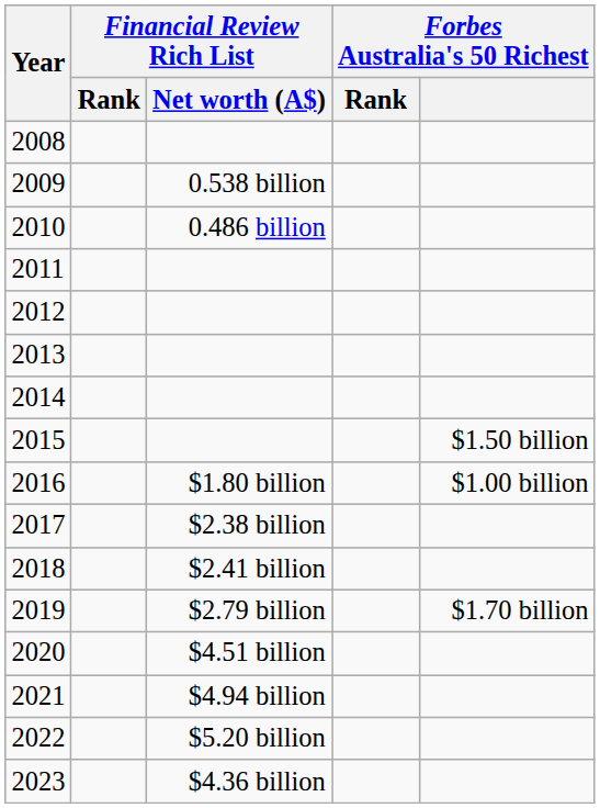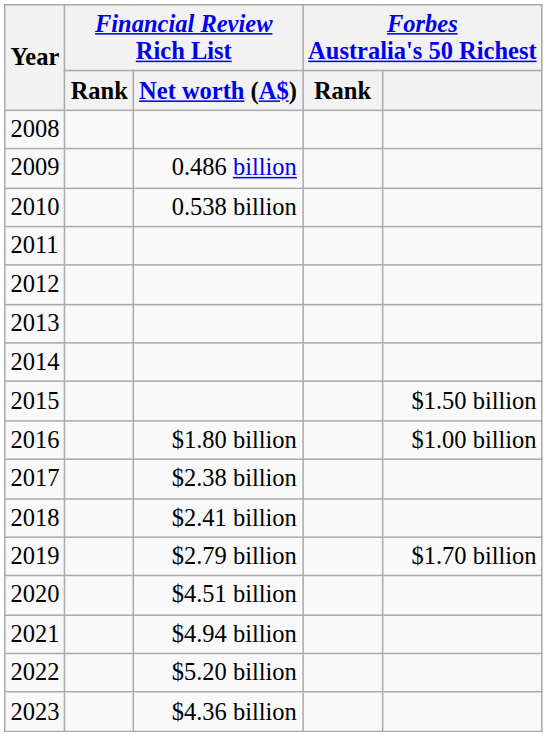 <table class="wikitable">
 <tr>
 <th rowspan=2>Year</th>
 <th colspan=2><em><a href='#'>Financial Review</a></em><br><a href='#'>Rich List</a></th>
 <th colspan=2><em><a href='#'>Forbes</a></em><br><a href='#'>Australia's 50 Richest</a></th>
 </tr>
 <tr>
 <th>Rank</th>
 <th><a href='#'>Net worth</a> (<a href='#'>A$</a>)</th>
 <th>Rank</th>
 <th></th>
 </tr>
 <tr>
 <td>2008</td>
 <td align="center"></td>
 <td align="right"></td>
 <td align="center"></td>
 <td align="right"></td>
 </tr>
 <tr>
 <td>2009</td>
 <td align="center"></td>
-<td align="right">0.538 billion</td>
+<td align="right">0.486 <a href='#'>billion</a></td>
 <td align="center"></td>
 <td align="right"></td>
 </tr>
 <tr>
 <td>2010</td>
 <td align="center"></td>
-<td align="right">0.486 <a href='#'>billion</a></td>
+<td align="right">0.538 billion</td>
 <td align="center"></td>
 <td align="right"></td>
 </tr>
 <tr>
 <td>2011</td>
 <td align="center"></td>
 <td align="right"></td>
 <td align="center"></td>
 <td align="right"></td>
 </tr>
 <tr>
 <td>2012</td>
 <td align="center"></td>
 <td align="right"></td>
 <td align="center"></td>
 <td align="right"></td>
 </tr>
 <tr>
 <td>2013</td>
 <td align="center"></td>
 <td align="right"></td>
 <td align="center"></td>
 <td align="right"></td>
 </tr>
 <tr>
 <td>2014</td>
 <td align="center"></td>
 <td align="right"></td>
 <td align="center"></td>
 <td align="right"></td>
 </tr>
 <tr>
 <td>2015</td>
 <td align="center"></td>
 <td align="right"></td>
 <td align="center"></td>
 <td align="right">$1.50 billion </td>
 </tr>
 <tr>
 <td>2016</td>
 <td align="center"></td>
 <td align="right">$1.80 billion</td>
 <td align="center"></td>
 <td align="right">$1.00 billion </td>
 </tr>
 <tr>
 <td>2017</td>
 <td align="center"></td>
 <td align="right">$2.38 billion </td>
 <td align="center"></td>
 <td align="right"></td>
 </tr>
 <tr>
 <td>2018</td>
 <td align="center"></td>
 <td align="right">$2.41 billion </td>
 <td align="center"></td>
 <td align="right"></td>
 </tr>
 <tr>
 <td>2019</td>
 <td align="center"></td>
 <td align="right">$2.79 billion </td>
 <td align="center"></td>
 <td align="right">$1.70 billion </td>
 </tr>
 <tr>
 <td>2020</td>
 <td align="center"></td>
 <td align="right">$4.51 billion </td>
 <td align="center"></td>
 <td align="right"></td>
 </tr>
 <tr>
 <td>2021</td>
 <td align="center"></td>
 <td align="right">$4.94 billion </td>
 <td align="center"></td>
 <td align="right"></td>
 </tr>
 <tr>
 <td>2022</td>
 <td align="center"></td>
 <td align="right">$5.20 billion </td>
 <td align="center"></td>
 <td align="right"></td>
 </tr>
 <tr>
 <td>2023</td>
 <td align="center"></td>
 <td align="right">$4.36 billion </td>
 <td align="center"></td>
 <td align="right"></td>
 </tr>
 </table>
